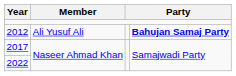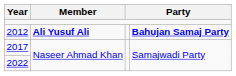 <table class="wikitable">
 <tr>
 <th>Year</th>
 <th>Member</th>
 <th colspan="2">Party</th>
 </tr>
 <tr>
 <td colspan="4"></td>
 </tr>
 <tr>
 <td><a href='#'>2012</a></td>
-<td><a href='#'>Ali Yusuf Ali</a></td>
+<td><strong><a href='#'>Ali Yusuf Ali</a></strong></td>
 <td style="background-color: "></td>
 <td><strong><a href='#'>Bahujan Samaj Party</a></strong></td>
 </tr>
 <tr>
 <td><a href='#'>2017</a></td>
 <td rowspan="2"><a href='#'>Naseer Ahmad Khan</a></td>
 <td rowspan="2" style="background-color: "></td>
 <td rowspan="2"><a href='#'>Samajwadi Party</a></td>
 </tr>
 <tr>
 <td><a href='#'>2022</a></td>
 </tr>
 </table>
